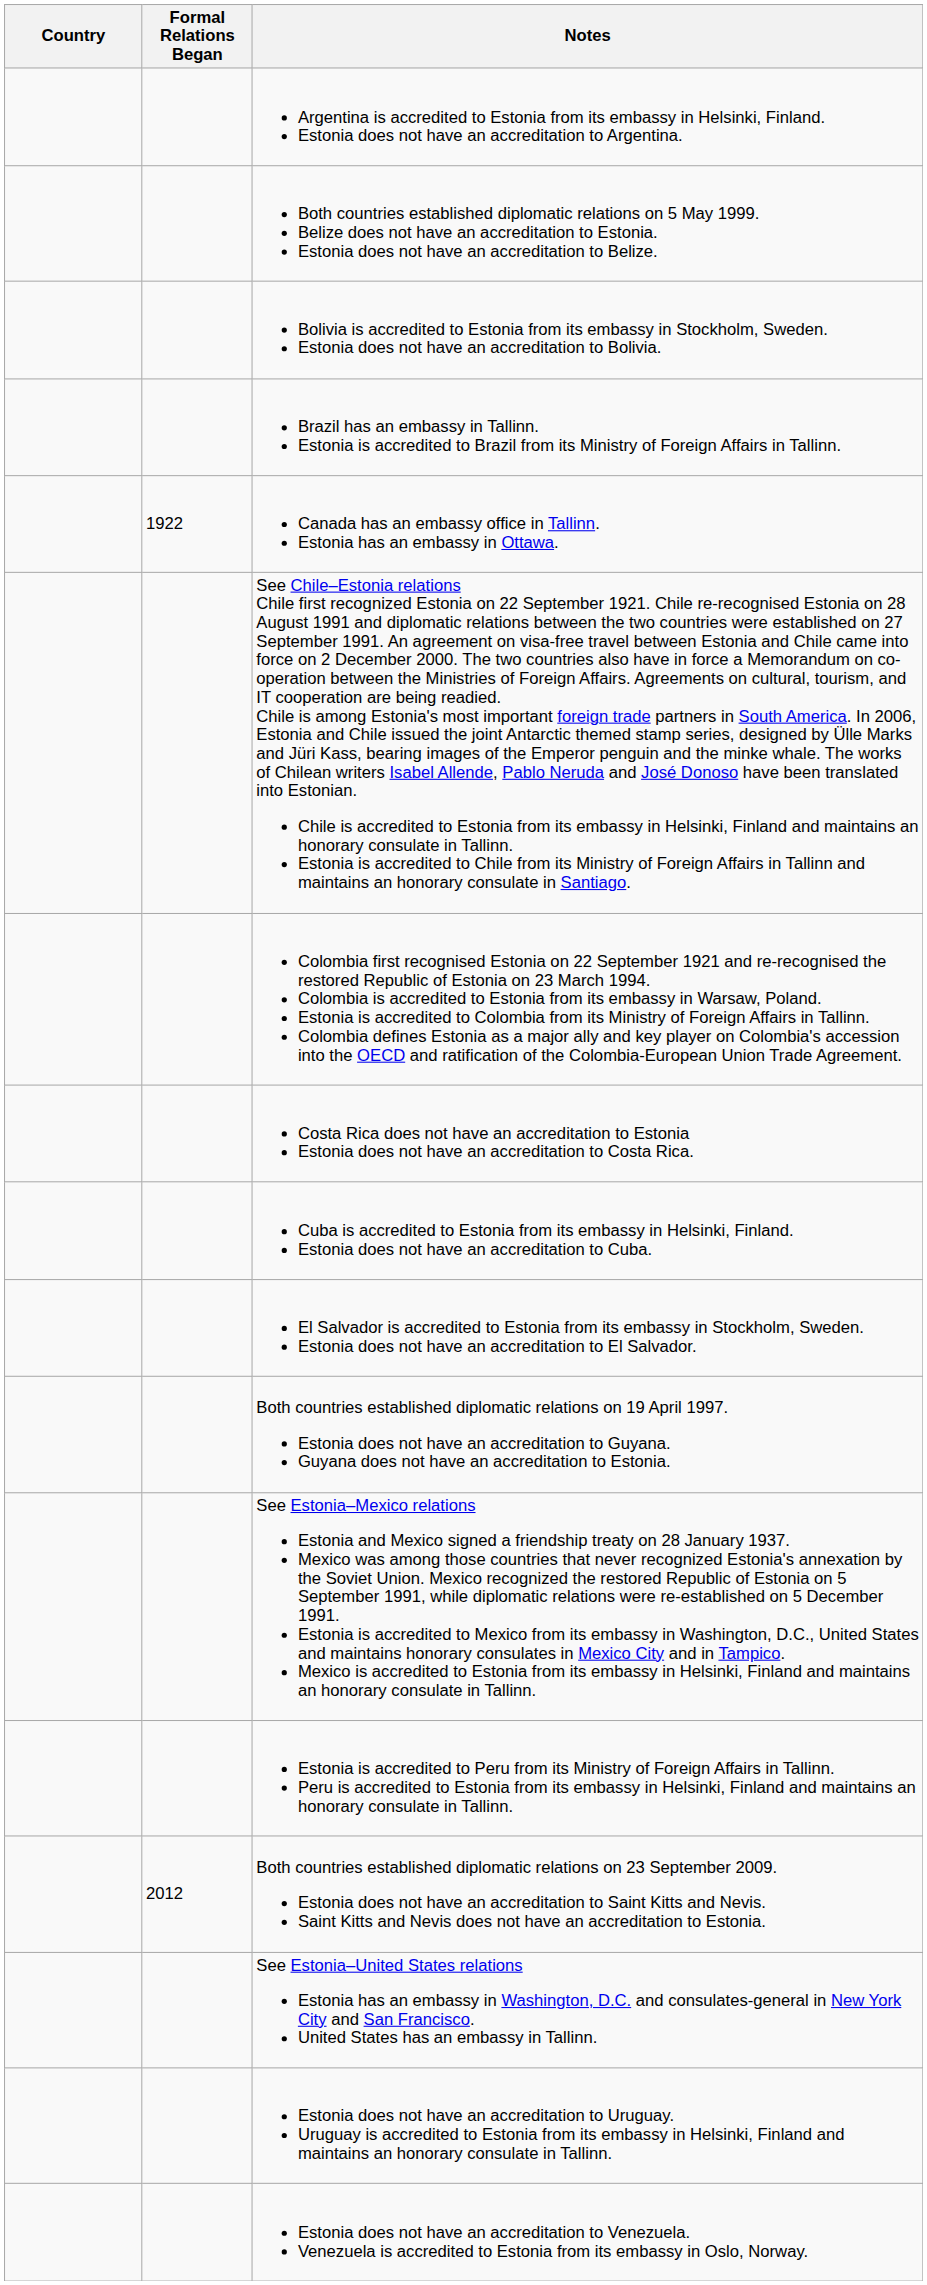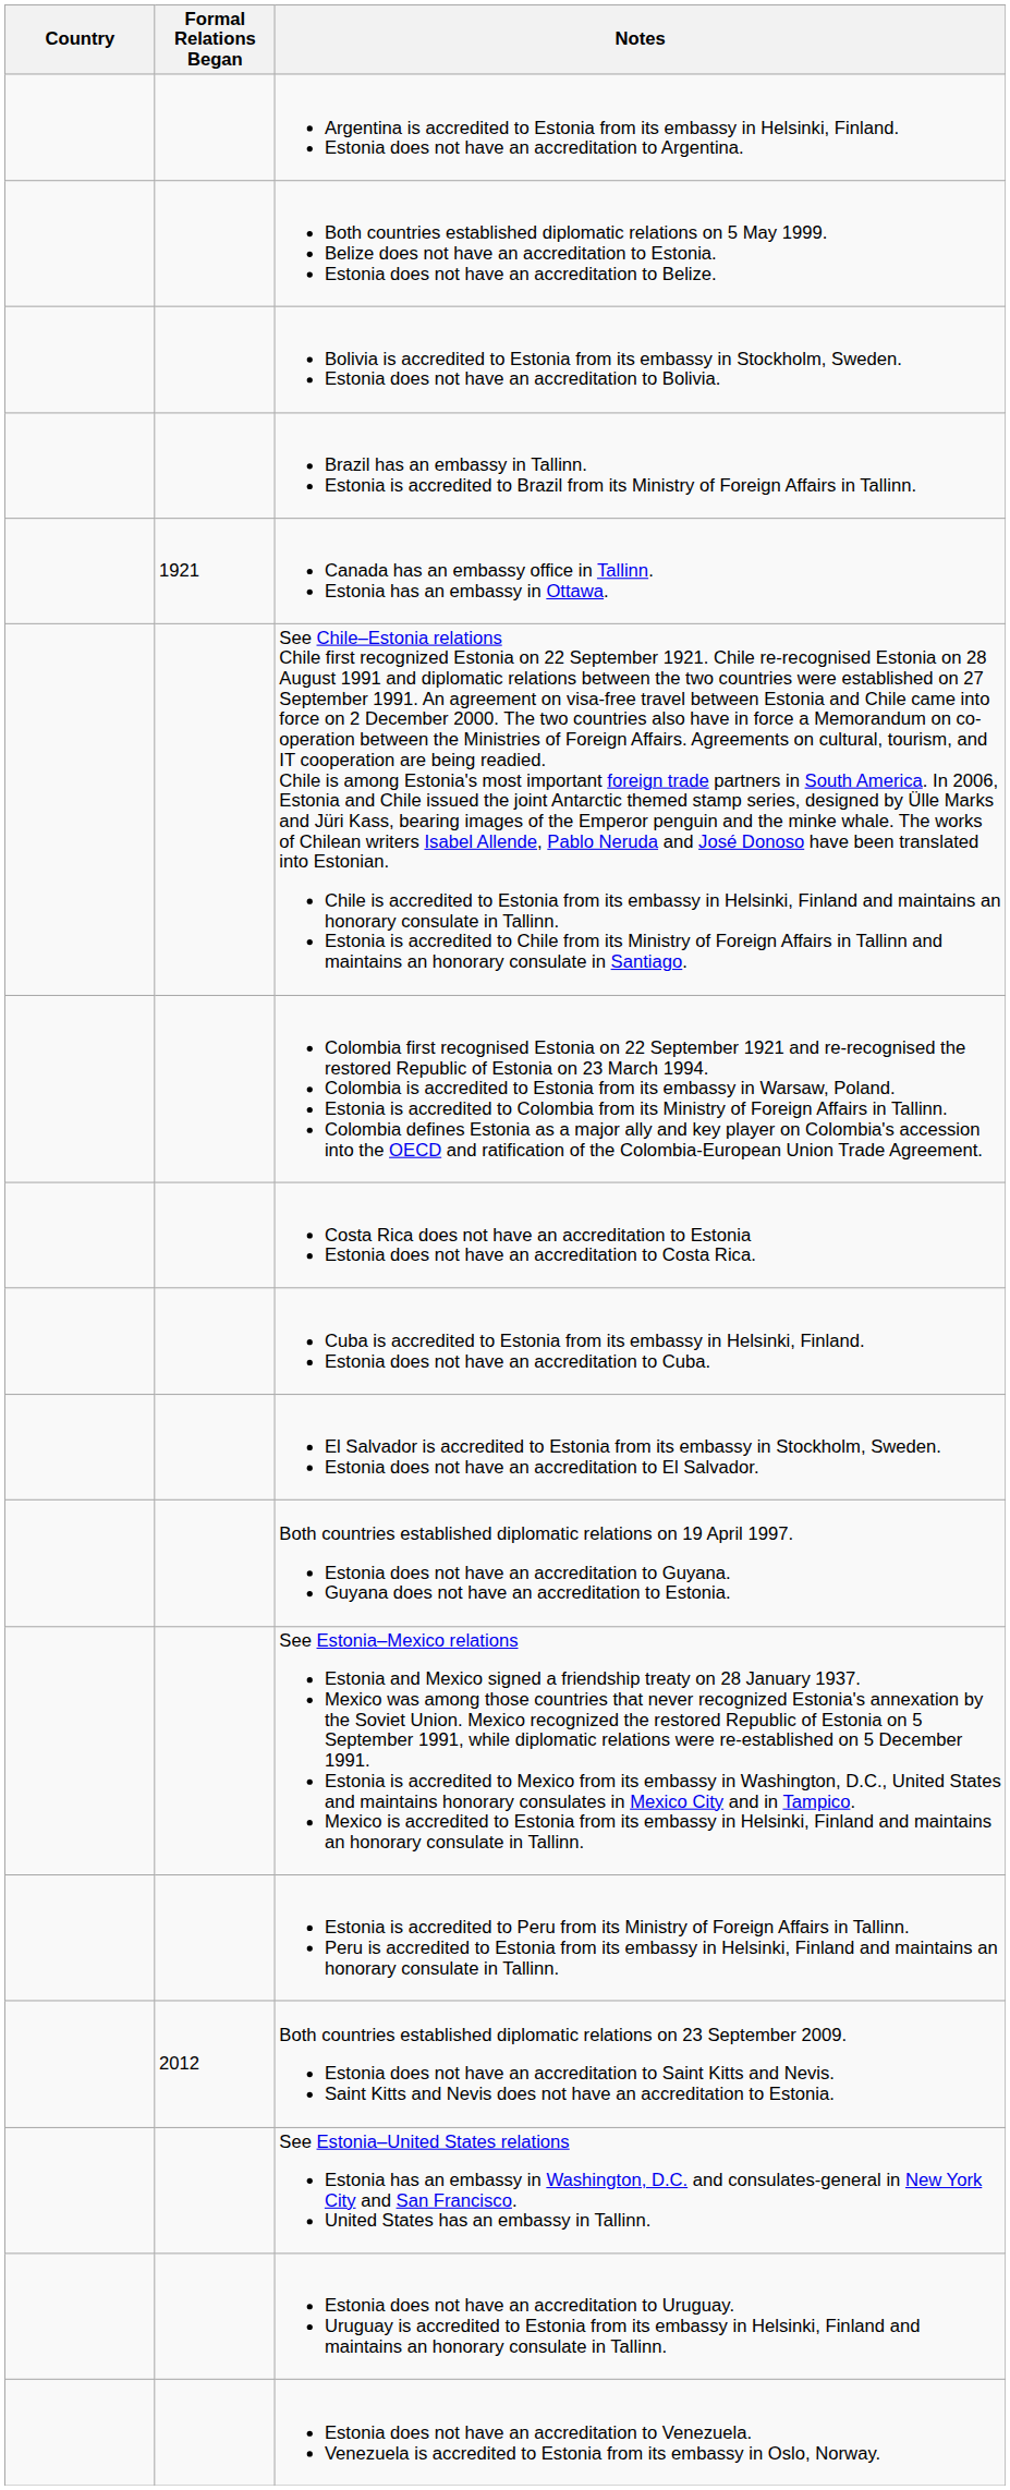 <table class="wikitable sortable" border="1" style="width:100%; margin:auto;">
 <tr>
 <th width="15%">Country</th>
 <th width="12%">Formal Relations Began</th>
 <th>Notes</th>
 </tr>
 <tr -valign="top">
 <td></td>
 <td> </td>
 <td><br><ul><li>Argentina is accredited to Estonia from its embassy in Helsinki, Finland.</li><li>Estonia does not have an accreditation to Argentina.</li></ul></td>
 </tr>
 <tr -valign="top">
 <td></td>
 <td></td>
 <td><br><ul><li>Both countries established diplomatic relations on 5 May 1999.</li><li>Belize does not have an accreditation to Estonia.</li><li>Estonia does not have an accreditation to Belize.</li></ul></td>
 </tr>
 <tr -valign="top">
 <td></td>
 <td> </td>
 <td><br><ul><li>Bolivia is accredited to Estonia from its embassy in Stockholm, Sweden.</li><li>Estonia does not have an accreditation to Bolivia.</li></ul></td>
 </tr>
 <tr -valign="top">
 <td></td>
 <td> </td>
 <td><br><ul><li>Brazil has an embassy in Tallinn.</li><li>Estonia is accredited to Brazil from its Ministry of Foreign Affairs in Tallinn.</li></ul></td>
 </tr>
 <tr -valign="top">
 <td></td>
-<td>1922</td>
+<td>1921</td>
 <td><br><ul><li>Canada has an embassy office in <a href='#'>Tallinn</a>.</li><li>Estonia has an embassy in <a href='#'>Ottawa</a>.</li></ul></td>
 </tr>
 <tr -valign="top">
 <td></td>
 <td></td>
 <td>See <a href='#'>Chile–Estonia relations</a><br>Chile first recognized Estonia on 22 September 1921. Chile re-recognised Estonia on 28 August 1991 and diplomatic relations between the two countries were established on 27 September 1991. An agreement on visa-free travel between Estonia and Chile came into force on 2 December 2000. The two countries also have in force a Memorandum on co-operation between the Ministries of Foreign Affairs. Agreements on cultural, tourism, and IT cooperation are being readied.<br>Chile is among Estonia's most important <a href='#'>foreign trade</a> partners in <a href='#'>South America</a>.  In 2006, Estonia and Chile issued the joint Antarctic themed stamp series, designed by Ülle Marks and Jüri Kass, bearing images of the Emperor penguin and the minke whale. The works of Chilean writers <a href='#'>Isabel Allende</a>, <a href='#'>Pablo Neruda</a> and <a href='#'>José Donoso</a> have been translated into Estonian.<ul><li>Chile is accredited to Estonia from its embassy in Helsinki, Finland and maintains an honorary consulate in Tallinn.</li><li>Estonia is accredited to Chile from its Ministry of Foreign Affairs in Tallinn and maintains an honorary consulate in <a href='#'>Santiago</a>.</li></ul></td>
 </tr>
 <tr -valign="top">
 <td></td>
 <td></td>
 <td><br><ul><li>Colombia first recognised Estonia on 22 September 1921 and re-recognised the restored Republic of Estonia on 23 March 1994.</li><li>Colombia is accredited to Estonia from its embassy in Warsaw, Poland.</li><li>Estonia is accredited to Colombia from its Ministry of Foreign Affairs in Tallinn.</li><li>Colombia defines Estonia as a major ally and key player on Colombia's accession into the <a href='#'>OECD</a> and ratification of the Colombia-European Union Trade Agreement.</li></ul></td>
 </tr>
 <tr -valign="top">
 <td></td>
 <td> </td>
 <td><br><ul><li>Costa Rica does not have an accreditation to Estonia</li><li>Estonia does not have an accreditation to Costa Rica.</li></ul></td>
 </tr>
 <tr -valign="top">
 <td></td>
 <td> </td>
 <td><br><ul><li>Cuba is accredited to Estonia from its embassy in Helsinki, Finland.</li><li>Estonia does not have an accreditation to Cuba.</li></ul></td>
 </tr>
 <tr -valign="top">
 <td></td>
 <td></td>
 <td><br><ul><li>El Salvador is accredited to Estonia from its embassy in Stockholm, Sweden.</li><li>Estonia does not have an accreditation to El Salvador.</li></ul></td>
 </tr>
 <tr -valign="top">
 <td></td>
 <td></td>
 <td><br>Both countries established diplomatic relations on 19 April 1997.<ul><li>Estonia does not have an accreditation to Guyana.</li><li>Guyana does not have an accreditation to Estonia.</li></ul></td>
 </tr>
 <tr -valign="top">
 <td></td>
 <td> </td>
 <td>See <a href='#'>Estonia–Mexico relations</a><br><ul><li>Estonia and Mexico signed a friendship treaty on 28 January 1937.</li><li>Mexico was among those countries that never recognized Estonia's annexation by the Soviet Union. Mexico recognized the restored Republic of Estonia on 5 September 1991, while diplomatic relations were re-established on 5 December 1991.</li><li>Estonia is accredited to Mexico from its embassy in Washington, D.C., United States and maintains honorary consulates in <a href='#'>Mexico City</a> and in <a href='#'>Tampico</a>.</li><li>Mexico is accredited to Estonia from its embassy in Helsinki, Finland and maintains an honorary consulate in Tallinn.</li></ul></td>
 </tr>
 <tr -valign="top">
 <td></td>
 <td></td>
 <td><br><ul><li>Estonia is accredited to Peru from its Ministry of Foreign Affairs in Tallinn.</li><li>Peru is accredited to Estonia from its embassy in Helsinki, Finland and maintains an honorary consulate in Tallinn.</li></ul></td>
 </tr>
 <tr -valign="top">
 <td></td>
 <td>2012</td>
 <td><br>Both countries established diplomatic relations on 23 September 2009.<ul><li>Estonia does not have an accreditation to Saint Kitts and Nevis.</li><li>Saint Kitts and Nevis does not have an accreditation to Estonia.</li></ul></td>
 </tr>
 <tr -valign="top">
 <td></td>
 <td></td>
 <td>See <a href='#'>Estonia–United States relations</a><br><ul><li>Estonia has an embassy in <a href='#'>Washington, D.C.</a> and consulates-general in <a href='#'>New York City</a> and <a href='#'>San Francisco</a>.</li><li>United States has an embassy in Tallinn.</li></ul></td>
 </tr>
 <tr -valign="top">
 <td></td>
 <td></td>
 <td><br><ul><li>Estonia does not have an accreditation to Uruguay.</li><li>Uruguay is accredited to Estonia from its embassy in Helsinki, Finland and maintains an honorary consulate in Tallinn.</li></ul></td>
 </tr>
 <tr -valign="top">
 <td></td>
 <td></td>
 <td><br><ul><li>Estonia does not have an accreditation to Venezuela.</li><li>Venezuela is accredited to Estonia from its embassy in Oslo, Norway.</li></ul></td>
 </tr>
 </table>
